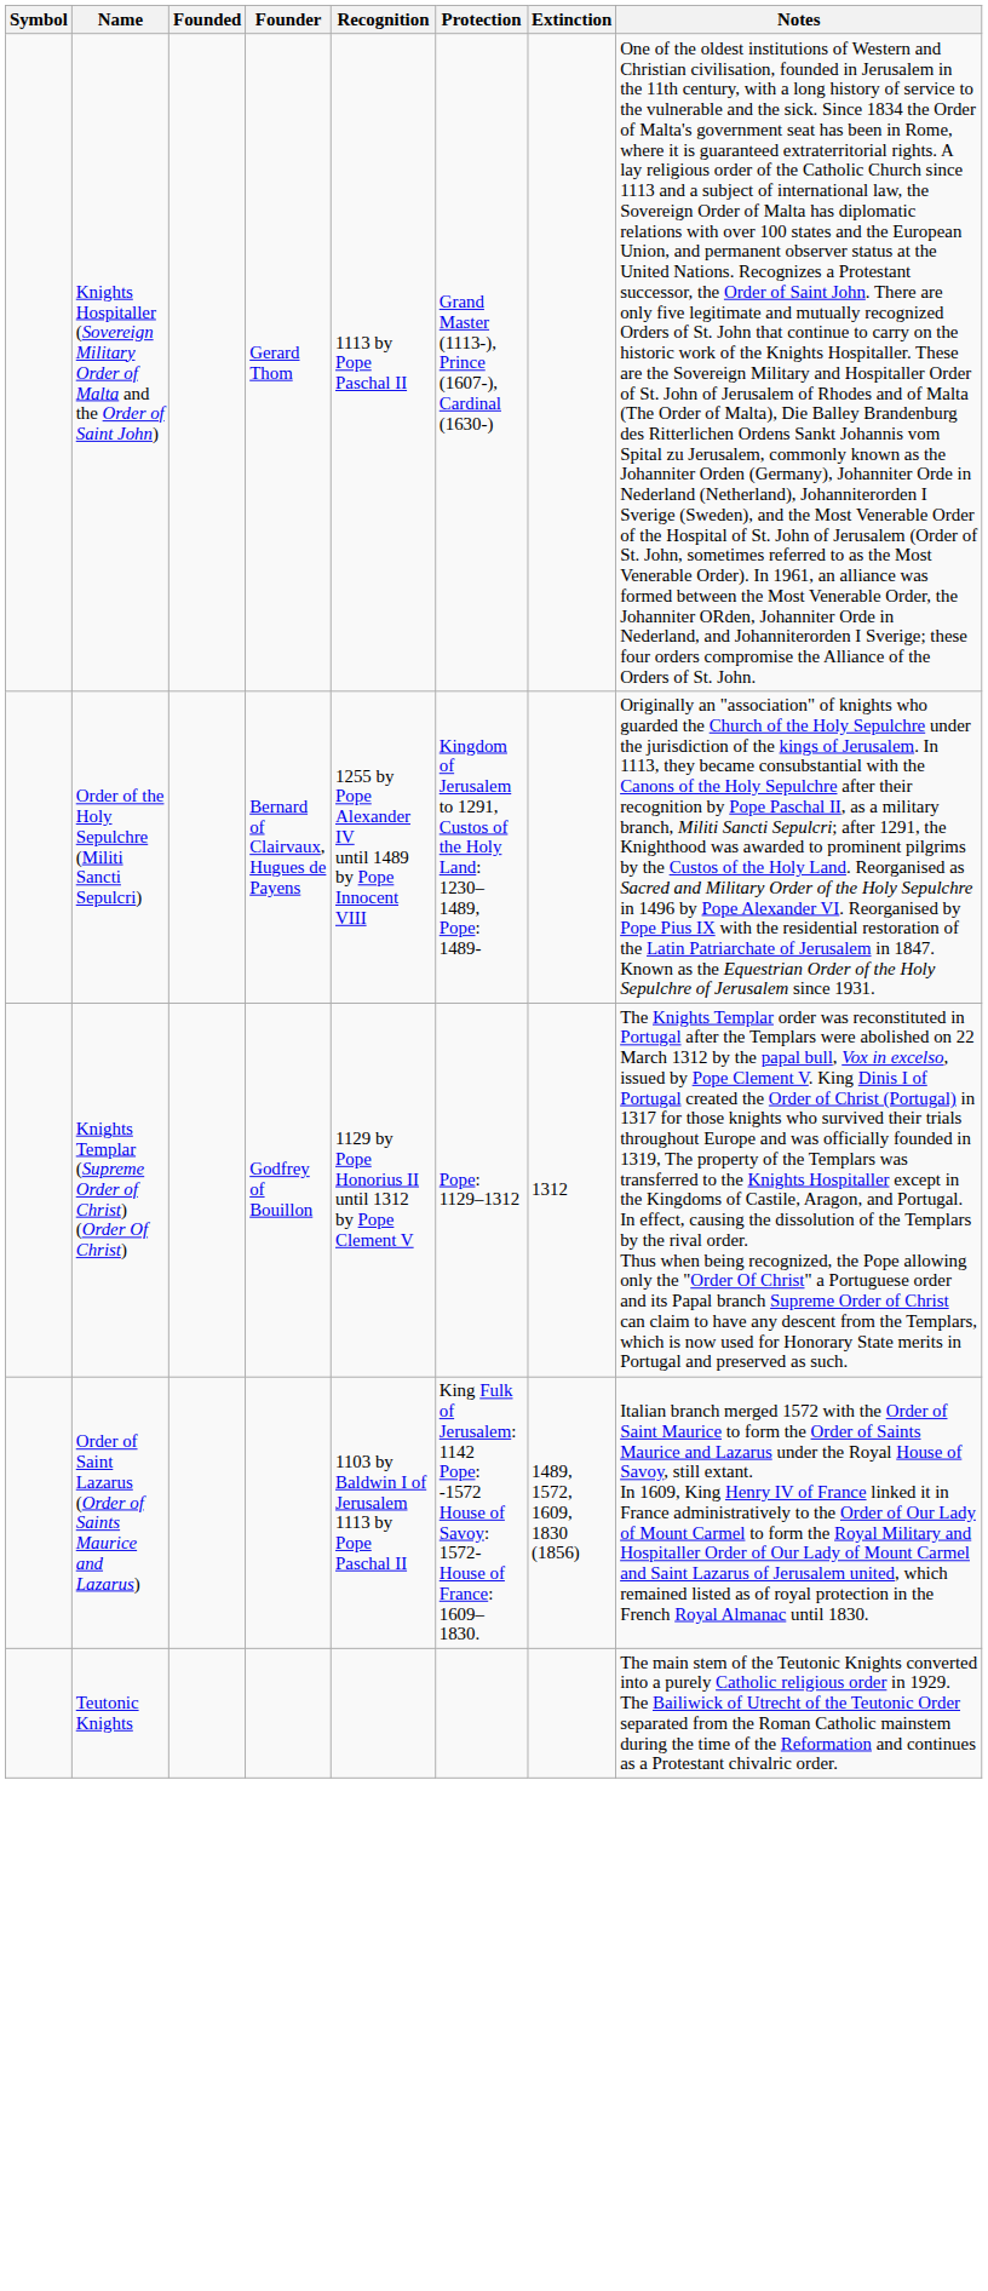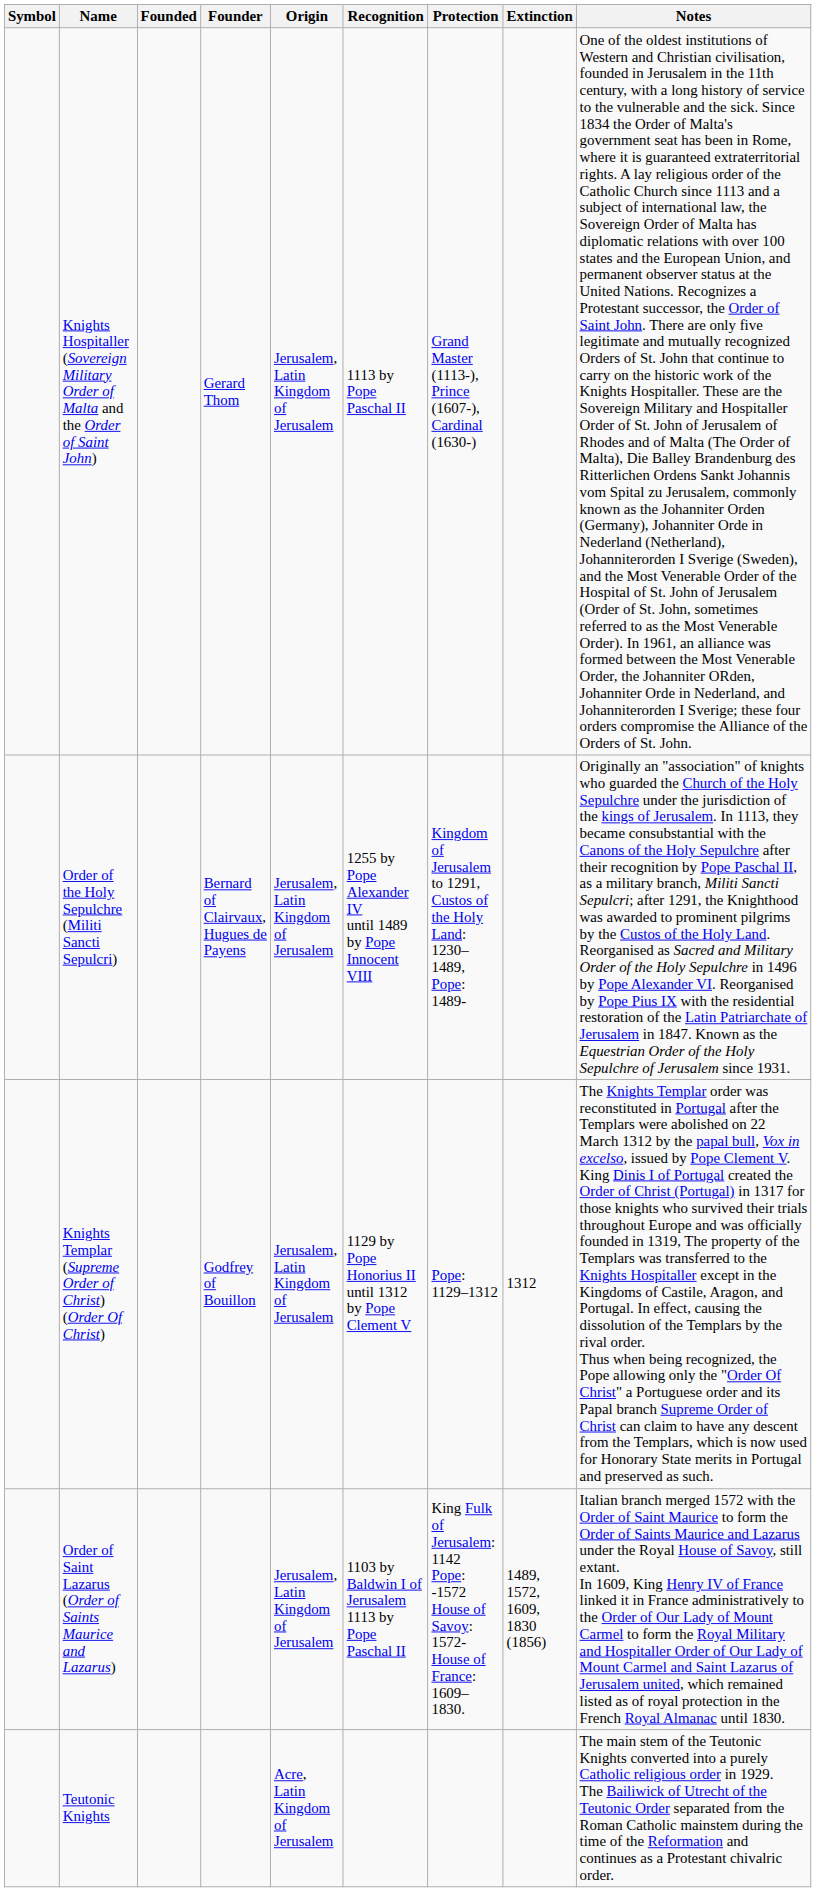 <table class="wikitable sortable">
 <tr>
 <th>Symbol</th>
 <th>Name</th>
 <th>Founded</th>
 <th>Founder</th>
+<th>Origin</th>
 <th>Recognition</th>
 <th>Protection</th>
 <th>Extinction</th>
 <th>Notes</th>
 </tr>
 <tr>
 <td></td>
 <td><a href='#'>Knights Hospitaller</a><br>(<em><a href='#'>Sovereign Military Order of Malta</a></em> and the <em><a href='#'>Order of Saint John</a></em>)</td>
 <td></td>
 <td><a href='#'>Gerard Thom</a></td>
+<td><a href='#'>Jerusalem</a>, <a href='#'>Latin Kingdom of Jerusalem</a></td>
 <td>1113 by <a href='#'>Pope Paschal II</a></td>
 <td><a href='#'>Grand Master</a> (1113-),<br><a href='#'>Prince</a> (1607-),<br><a href='#'>Cardinal</a> (1630-)</td>
 <td></td>
 <td>One of the oldest institutions of Western and Christian civilisation, founded in Jerusalem in the 11th century, with a long history of service to the vulnerable and the sick. Since 1834 the Order of Malta's government seat has been in Rome, where it is guaranteed extraterritorial rights. A lay religious order of the Catholic Church since 1113 and a subject of international law, the Sovereign Order of Malta has diplomatic relations with over 100 states and the European Union, and permanent observer status at the United Nations. Recognizes a Protestant successor, the <a href='#'>Order of Saint John</a>. There are only five legitimate and mutually recognized Orders of St. John that continue to carry on the historic work of the Knights Hospitaller. These are the Sovereign Military and Hospitaller Order of St. John of Jerusalem of Rhodes and of Malta (The Order of Malta), Die Balley Brandenburg des Ritterlichen Ordens Sankt Johannis vom Spital zu Jerusalem, commonly known as the Johanniter Orden (Germany), Johanniter Orde in Nederland (Netherland), Johanniterorden I Sverige (Sweden), and the Most Venerable Order of the Hospital of St. John of Jerusalem (Order of St. John, sometimes referred to as the Most Venerable Order). In 1961, an alliance was formed between the Most Venerable Order, the Johanniter ORden, Johanniter Orde in Nederland, and Johanniterorden I Sverige; these four orders compromise the Alliance of the Orders of St. John.</td>
 </tr>
 <tr>
 <td></td>
 <td><a href='#'>Order of the Holy Sepulchre</a><br>(<a href='#'>Militi Sancti Sepulcri</a>)</td>
 <td></td>
 <td><a href='#'>Bernard of Clairvaux</a>,<br><a href='#'>Hugues de Payens</a></td>
+<td><a href='#'>Jerusalem</a>, <a href='#'>Latin Kingdom of Jerusalem</a></td>
 <td>1255 by <a href='#'>Pope Alexander IV</a><br>until 1489 by <a href='#'>Pope Innocent VIII</a></td>
 <td><a href='#'>Kingdom of Jerusalem</a> to 1291,<br><a href='#'>Custos of the Holy Land</a>: 1230–1489,<br><a href='#'>Pope</a>: 1489-</td>
 <td></td>
 <td>Originally an "association" of knights who guarded the <a href='#'>Church of the Holy Sepulchre</a> under the jurisdiction of the <a href='#'>kings of Jerusalem</a>. In 1113, they became consubstantial with the <a href='#'>Canons of the Holy Sepulchre</a> after their recognition by <a href='#'>Pope Paschal II</a>, as a military branch, <em>Militi Sancti Sepulcri</em>; after 1291, the Knighthood was awarded to prominent pilgrims by the <a href='#'>Custos of the Holy Land</a>. Reorganised as <em>Sacred and Military Order of the Holy Sepulchre</em> in 1496 by <a href='#'>Pope Alexander VI</a>. Reorganised by <a href='#'>Pope Pius IX</a> with the residential restoration of the <a href='#'>Latin Patriarchate of Jerusalem</a> in 1847. Known as the <em>Equestrian Order of the Holy Sepulchre of Jerusalem</em> since 1931.</td>
 </tr>
 <tr>
 <td></td>
 <td><a href='#'>Knights Templar</a><br>(<em><a href='#'>Supreme Order of Christ</a></em>)<br>(<em><a href='#'>Order Of Christ</a></em>)</td>
 <td></td>
 <td><a href='#'>Godfrey of Bouillon</a></td>
+<td><a href='#'>Jerusalem</a>, <a href='#'>Latin Kingdom of Jerusalem</a></td>
 <td>1129 by <a href='#'>Pope Honorius II</a><br>until 1312 by <a href='#'>Pope Clement V</a></td>
 <td><a href='#'>Pope</a>: 1129–1312</td>
 <td>1312</td>
 <td>The <a href='#'>Knights Templar</a> order was reconstituted in <a href='#'>Portugal</a> after the Templars were abolished on 22 March 1312 by the <a href='#'>papal bull</a>, <em><a href='#'>Vox in excelso</a></em>, issued by <a href='#'>Pope Clement V</a>. King <a href='#'>Dinis I of Portugal</a> created the <a href='#'>Order of Christ (Portugal)</a> in 1317 for those knights who survived their trials throughout Europe and was officially founded in 1319, The property of the Templars was transferred to the <a href='#'>Knights Hospitaller</a> except in the Kingdoms of Castile, Aragon, and Portugal. In effect, causing the dissolution of the Templars by the rival order.<br>Thus when being recognized, the Pope allowing only the "<a href='#'>Order Of Christ</a>" a Portuguese order and its Papal branch <a href='#'>Supreme Order of Christ</a> can claim to have any descent from the Templars, which is now used for Honorary State merits in Portugal and preserved as such.</td>
 </tr>
 <tr>
 <td></td>
 <td><a href='#'>Order of Saint Lazarus</a><br>(<em><a href='#'>Order of Saints Maurice and Lazarus</a></em>)</td>
 <td></td>
 <td></td>
+<td><a href='#'>Jerusalem</a>, <a href='#'>Latin Kingdom of Jerusalem</a></td>
 <td>1103 by <a href='#'>Baldwin I of Jerusalem</a><br>1113 by <a href='#'>Pope Paschal II</a></td>
 <td>King <a href='#'>Fulk of Jerusalem</a>: 1142<br><a href='#'>Pope</a>: -1572<br><a href='#'>House of Savoy</a>: 1572-<br><a href='#'>House of France</a>: 1609–1830.</td>
 <td>1489,<br>1572,<br>1609,<br>1830<br>(1856)</td>
 <td>Italian branch merged 1572 with the <a href='#'>Order of Saint Maurice</a> to form the <a href='#'>Order of Saints Maurice and Lazarus</a> under the Royal <a href='#'>House of Savoy</a>, still extant.<br>In 1609, King <a href='#'>Henry IV of France</a> linked it in France administratively to the <a href='#'>Order of Our Lady of Mount Carmel</a> to form the <a href='#'>Royal Military and Hospitaller Order of Our Lady of Mount Carmel and Saint Lazarus of Jerusalem united</a>, which remained listed as of royal protection in the French <a href='#'>Royal Almanac</a> until 1830.</td>
 </tr>
 <tr>
 <td></td>
 <td><a href='#'>Teutonic Knights</a></td>
 <td></td>
 <td></td>
+<td><a href='#'>Acre</a>,<br><a href='#'>Latin Kingdom of Jerusalem</a></td>
 <td></td>
 <td></td>
 <td></td>
 <td>The main stem of the Teutonic Knights converted into a purely <a href='#'>Catholic religious order</a> in 1929.<br> The <a href='#'>Bailiwick of Utrecht of the Teutonic Order</a> separated from the Roman Catholic mainstem during the time of the <a href='#'>Reformation</a> and continues as a Protestant chivalric order.</td>
 </tr>
 </table>
